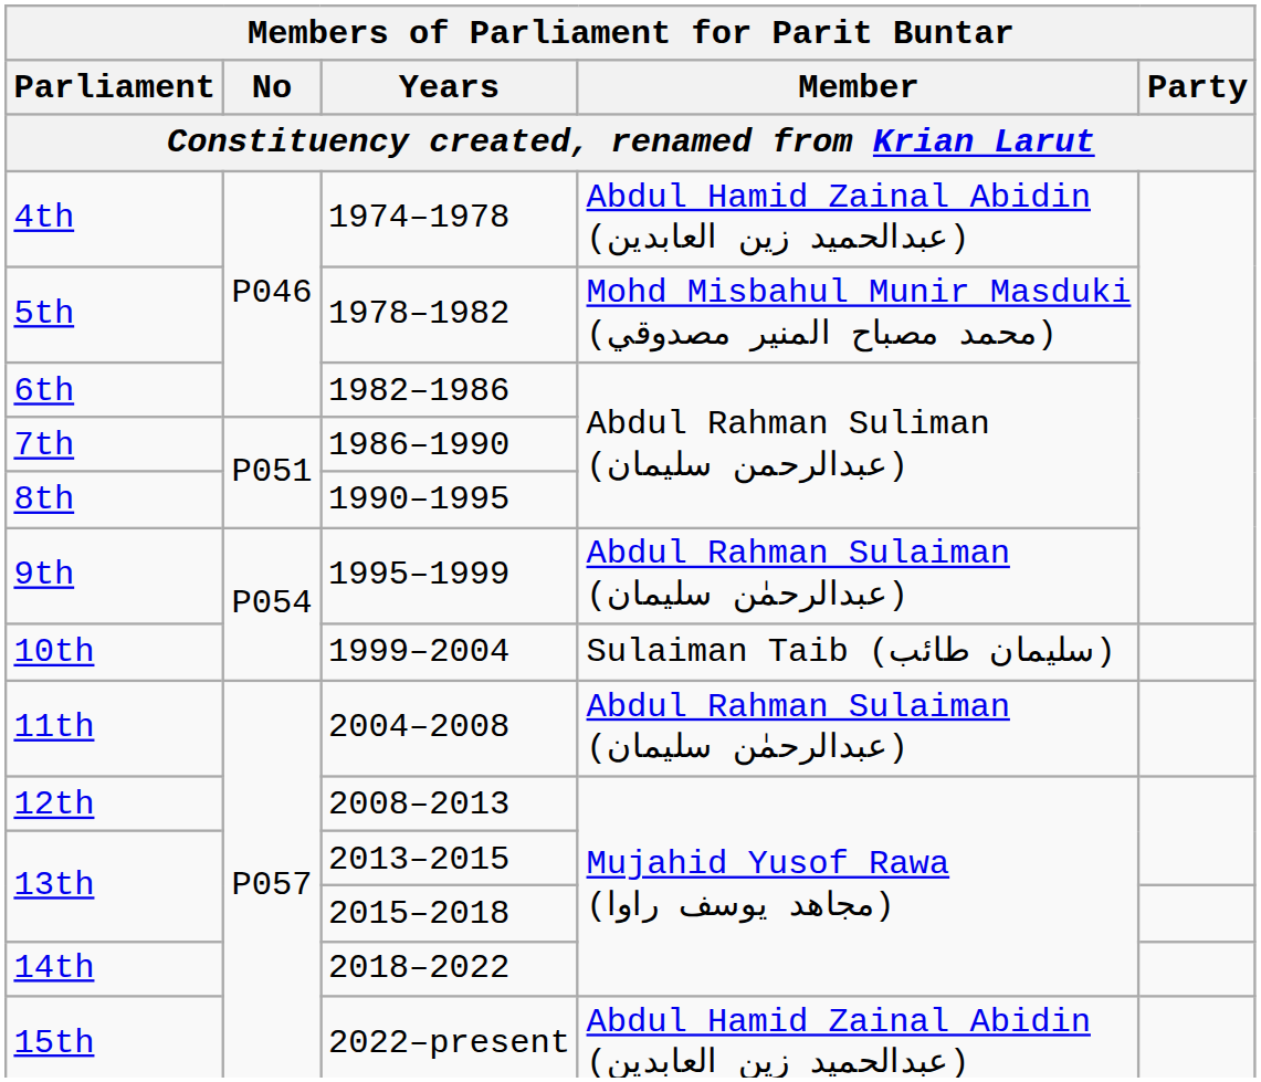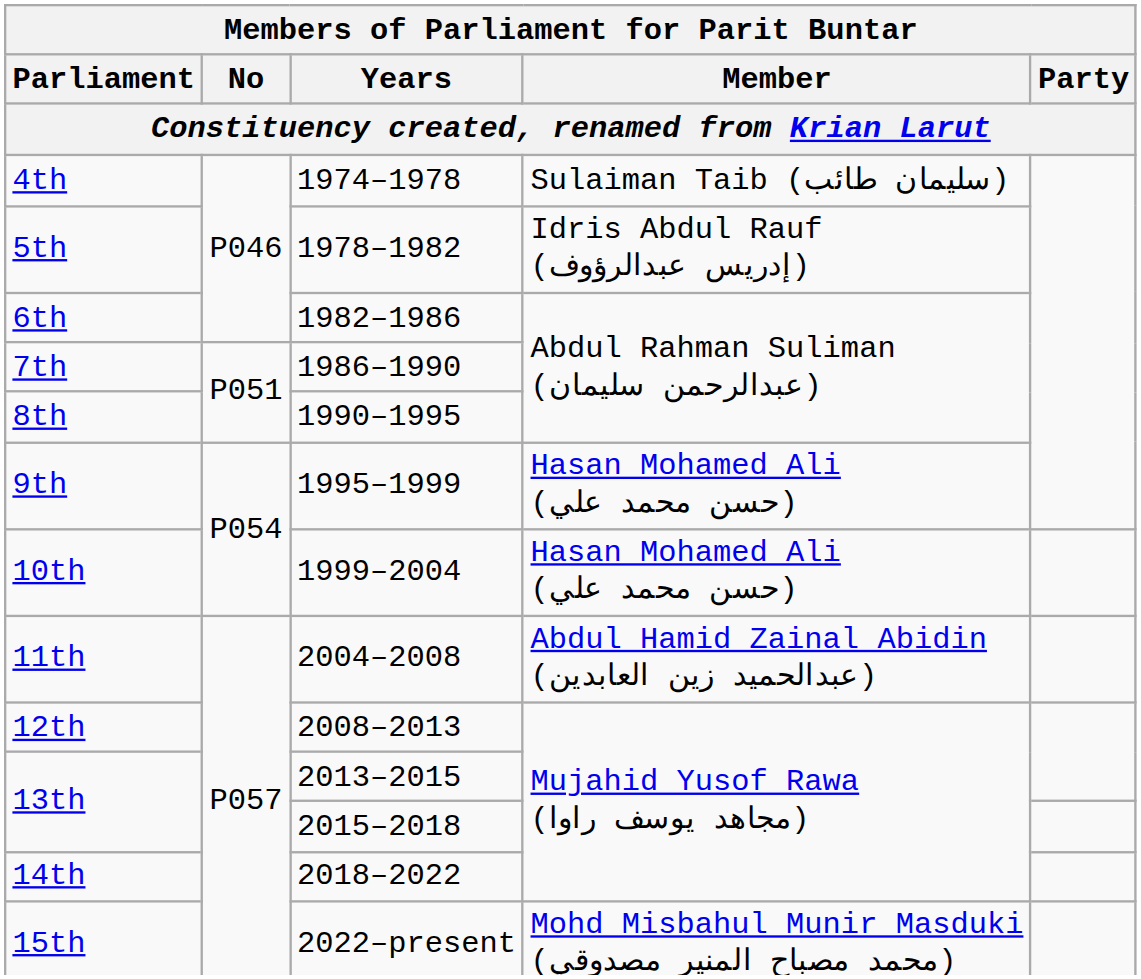 <table class=wikitable>
 <tr>
 <th colspan="5">Members of Parliament for Parit Buntar</th>
 </tr>
 <tr>
 <th>Parliament</th>
 <th>No</th>
 <th>Years</th>
 <th>Member</th>
 <th>Party</th>
 </tr>
 <tr>
 <th colspan="5" align="center"><em>Constituency created, renamed from <a href='#'>Krian Larut</a></em></th>
 </tr>
 <tr>
 <td><a href='#'>4th</a></td>
 <td rowspan="3">P046</td>
 <td>1974–1978</td>
-<td><a href='#'>Abdul Hamid Zainal Abidin</a> <br> (عبدالحميد زين العابدين)</td>
+<td>Sulaiman Taib (سليمان طائب)</td>
 <td rowspan=6></td>
 </tr>
 <tr>
 <td><a href='#'>5th</a></td>
 <td>1978–1982</td>
-<td><a href='#'>Mohd Misbahul Munir Masduki</a> <br> (محمد مصباح المنير مصدوقي)</td>
+<td>Idris Abdul Rauf <br> (إدريس عبدالرؤوف)</td>
 </tr>
 <tr>
 <td><a href='#'>6th</a></td>
 <td>1982–1986</td>
 <td rowspan=3>Abdul Rahman Suliman <br> (عبدالرحمن سليمان)</td>
 </tr>
 <tr>
 <td><a href='#'>7th</a></td>
 <td rowspan="2">P051</td>
 <td>1986–1990</td>
 </tr>
 <tr>
 <td><a href='#'>8th</a></td>
 <td>1990–1995</td>
 </tr>
 <tr>
 <td><a href='#'>9th</a></td>
 <td rowspan="2">P054</td>
 <td>1995–1999</td>
-<td><a href='#'>Abdul Rahman Sulaiman</a> <br> (عبدالرحمٰن سليمان)</td>
+<td><a href='#'>Hasan Mohamed Ali</a> <br> (حسن محمد علي)</td>
 </tr>
 <tr>
 <td><a href='#'>10th</a></td>
 <td>1999–2004</td>
-<td>Sulaiman Taib (سليمان طائب)</td>
+<td><a href='#'>Hasan Mohamed Ali</a> <br> (حسن محمد علي)</td>
 <td></td>
 </tr>
 <tr>
 <td><a href='#'>11th</a></td>
 <td rowspan="6">P057</td>
 <td>2004–2008</td>
-<td><a href='#'>Abdul Rahman Sulaiman</a> <br> (عبدالرحمٰن سليمان)</td>
+<td><a href='#'>Abdul Hamid Zainal Abidin</a> <br> (عبدالحميد زين العابدين)</td>
 <td></td>
 </tr>
 <tr>
 <td><a href='#'>12th</a></td>
 <td>2008–2013</td>
 <td rowspan=4><a href='#'>Mujahid Yusof Rawa</a> <br> (مجاهد يوسف راوا)</td>
 <td rowspan="2"></td>
 </tr>
 <tr>
 <td rowspan=2><a href='#'>13th</a></td>
 <td>2013–2015</td>
 </tr>
 <tr>
 <td>2015–2018</td>
 <td></td>
 </tr>
 <tr>
 <td><a href='#'>14th</a></td>
 <td>2018–2022</td>
 <td></td>
 </tr>
 <tr>
 <td><a href='#'>15th</a></td>
 <td>2022–present</td>
-<td><a href='#'>Abdul Hamid Zainal Abidin</a> <br> (عبدالحميد زين العابدين)</td>
+<td><a href='#'>Mohd Misbahul Munir Masduki</a> <br> (محمد مصباح المنير مصدوقي)</td>
 <td></td>
 </tr>
 </table>
